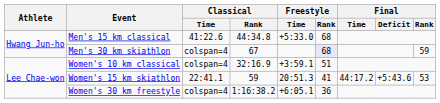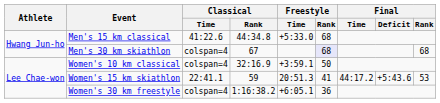 <table class="wikitable" style="font-size:90%">
 <tr>
 <th rowspan=2>Athlete</th>
 <th rowspan=2>Event</th>
 <th colspan=2>Classical</th>
 <th colspan=2>Freestyle</th>
 <th colspan=3>Final</th>
 </tr>
 <tr style="font-size: 95%">
 <th>Time</th>
 <th>Rank</th>
 <th>Time</th>
 <th>Rank</th>
 <th>Time</th>
 <th>Deficit</th>
 <th>Rank</th>
 </tr>
 <tr align=center>
 <td align=left rowspan=2><a href='#'>Hwang Jun-ho</a></td>
 <td align=left><a href='#'>Men's 15 km classical</a></td>
 <td>41:22.6</td>
 <td>44:34.8</td>
 <td>+5:33.0</td>
 <td>68</td>
 </tr>
 <tr align=center>
 <td align=left><a href='#'>Men's 30 km skiathlon</a></td>
 <td>colspan=4 </td>
 <td>67</td>
 <td></td>
 <td style="background: lavender;">68</td>
 <td colspan=2></td>
-<td>59</td>
+<td>68</td>
 </tr>
 <tr align=center>
 <td align=left rowspan=3><a href='#'>Lee Chae-won</a></td>
 <td align=left><a href='#'>Women's 10 km classical</a></td>
 <td>colspan=4 </td>
 <td>32:16.9</td>
 <td>+3:59.1</td>
-<td>51</td>
+<td>50</td>
 </tr>
 <tr align=center>
 <td align=left><a href='#'>Women's 15 km skiathlon</a></td>
 <td>22:41.1</td>
 <td>59</td>
 <td>20:51.3</td>
 <td>41</td>
 <td>44:17.2</td>
 <td>+5:43.6</td>
 <td>53</td>
 </tr>
 <tr align=center>
 <td align=left><a href='#'>Women's 30 km freestyle</a></td>
 <td>colspan=4 </td>
 <td>1:16:38.2</td>
 <td>+6:05.1</td>
 <td>36</td>
 </tr>
 </table>
